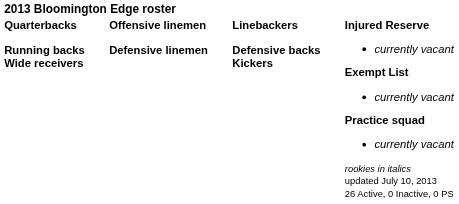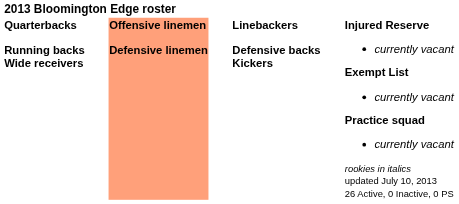 <table class="toccolours" style="text-align: left;">
 <tr>
 <th colspan=7><strong>2013 Bloomington Edge roster</strong></th>
 </tr>
 <tr>
 <td style="font-size: 95%;" valign="top"><strong>Quarterbacks</strong><br> <br><strong>Running backs</strong>  <br><strong>Wide receivers</strong>      </td>
 <td style="width: 25px;"></td>
-<td style="font-size: 95%;" valign="top"><strong>Offensive linemen</strong><br>  <br><strong>Defensive linemen</strong>     </td>
+<td style="background: lightsalmon; font-size: 95%;" valign="top"><strong>Offensive linemen</strong><br>  <br><strong>Defensive linemen</strong>     </td>
 <td style="width: 25px;"></td>
 <td style="font-size: 95%;" valign="top"><strong>Linebackers</strong><br>  <br><strong>Defensive backs</strong>    <br><strong>Kickers</strong> </td>
 <td style="width: 25px;"></td>
 <td style="font-size: 95%;" valign="top"><strong>Injured Reserve</strong><br><ul><li><em>currently vacant</em></li></ul><strong>Exempt List</strong><ul><li><em>currently vacant</em></li></ul><strong>Practice squad</strong><ul><li><em>currently vacant</em></li></ul><small><em>rookies in italics</em><br> updated July 10, 2013<br>26 Active, 0 Inactive, 0 PS</small></td>
 </tr>
 <tr>
 </tr>
 </table>
